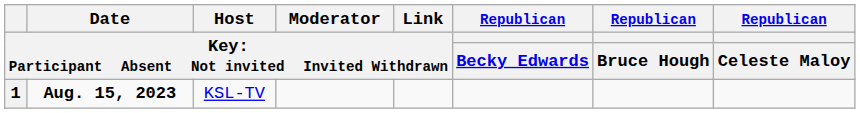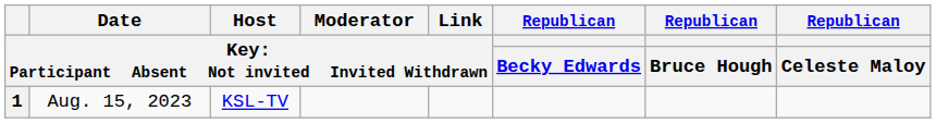 <table class="wikitable" style="text-align:center;">
 <tr>
 <th scope="col"></th>
 <th scope="col">Date</th>
 <th scope="col">Host</th>
 <th scope="col">Moderator</th>
 <th scope="col">Link</th>
 <th scope="col"><small><a href='#'>Republican</a></small></th>
 <th scope="col"><small><a href='#'>Republican</a></small></th>
 <th scope="col"><small><a href='#'>Republican</a></small></th>
 </tr>
 <tr>
 <th colspan="5" rowspan="2">Key:<br> <small>Participant </small>  <small>Absent </small>  <small>Not invited </small>  <small>Invited  Withdrawn</small></th>
 <th scope="col" style="background:"></th>
 <th scope="col" style="background:"></th>
 <th scope="col" style="background:"></th>
 </tr>
 <tr>
 <th scope="col"><a href='#'>Becky Edwards</a></th>
 <th scope="col">Bruce Hough</th>
 <th scope="col">Celeste Maloy</th>
 </tr>
 <tr>
 <th>1</th>
-<td style="white-space:nowrap;"><strong>Aug. 15, 2023</strong></td>
+<td style="white-space:nowrap;">Aug. 15, 2023</td>
 <td style="white-space:nowrap;"><a href='#'>KSL-TV</a></td>
 <td style="white-space:nowrap;"></td>
 <td style="white-space:nowrap;"></td>
 <td></td>
 <td></td>
 <td></td>
 </tr>
 </table>
